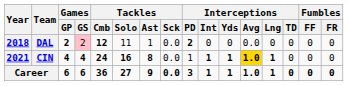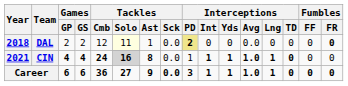 <table class="wikitable" style="text-align:center;">
 <tr>
 <th rowspan="2">Year</th>
 <th rowspan="2">Team</th>
 <th colspan="2">Games</th>
 <th colspan="4">Tackles</th>
 <th colspan="6">Interceptions</th>
 <th colspan="2">Fumbles</th>
 </tr>
 <tr>
 <th>GP</th>
 <th>GS</th>
 <th>Cmb</th>
 <th>Solo</th>
 <th>Ast</th>
 <th>Sck</th>
 <th>PD</th>
 <th>Int</th>
 <th>Yds</th>
 <th>Avg</th>
 <th>Lng</th>
 <th>TD</th>
 <th>FF</th>
 <th>FR</th>
 </tr>
 <tr>
 <th><a href='#'>2018</a></th>
 <th><a href='#'>DAL</a></th>
-<td><strong>2</strong></td>
-<td style="background: pink;">2</td>
-<td><strong>12</strong></td>
-<td>11</td>
+<td>2</td>
+<td>2</td>
+<td>12</td>
+<td style="background: lightyellow;">11</td>
 <td>1</td>
 <td>0.0</td>
-<td><strong>2</strong></td>
+<td style="background: khaki;"><strong>2</strong></td>
 <td>0</td>
 <td>0</td>
 <td>0.0</td>
 <td>0</td>
 <td>0</td>
 <td>0</td>
-<td>0</td>
+<td><strong>0</strong></td>
 </tr>
 <tr>
 <th><a href='#'>2021</a></th>
 <th><a href='#'>CIN</a></th>
 <td><strong>4</strong></td>
 <td><strong>4</strong></td>
 <td><strong>24</strong></td>
-<td><strong>16</strong></td>
+<td style="background: lightgrey;"><strong>16</strong></td>
 <td><strong>8</strong></td>
 <td>0.0</td>
 <td>1</td>
 <td><strong>1</strong></td>
 <td><strong>1</strong></td>
-<td style="background: gold;"><strong>1.0</strong></td>
+<td><strong>1.0</strong></td>
 <td><strong>1</strong></td>
-<td>0</td>
+<td><strong>0</strong></td>
 <td>0</td>
 <td>0</td>
 </tr>
 <tr>
 <th colspan="2"><strong>Career</strong></th>
 <td><strong>6</strong></td>
 <td><strong>6</strong></td>
 <td><strong>36</strong></td>
 <td><strong>27</strong></td>
 <td><strong>9</strong></td>
 <td><strong>0.0</strong></td>
 <td><strong>3</strong></td>
 <td><strong>1</strong></td>
 <td><strong>1</strong></td>
 <td><strong>1.0</strong></td>
 <td><strong>1</strong></td>
 <td><strong>0</strong></td>
 <td><strong>0</strong></td>
 <td><strong>0</strong></td>
 </tr>
 </table>
